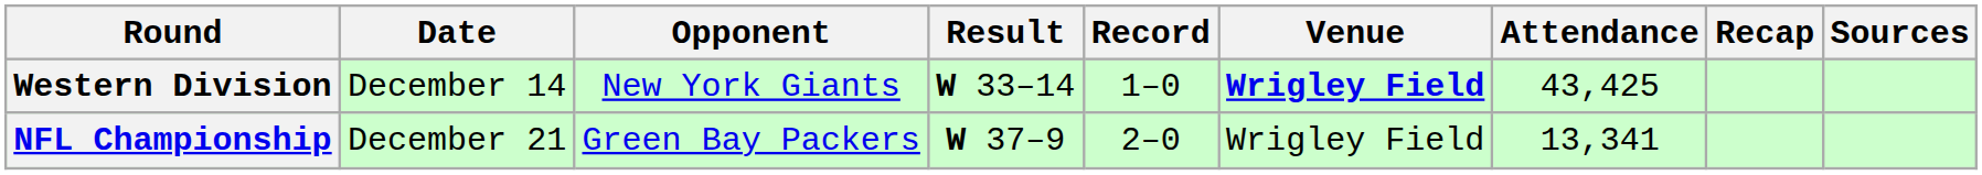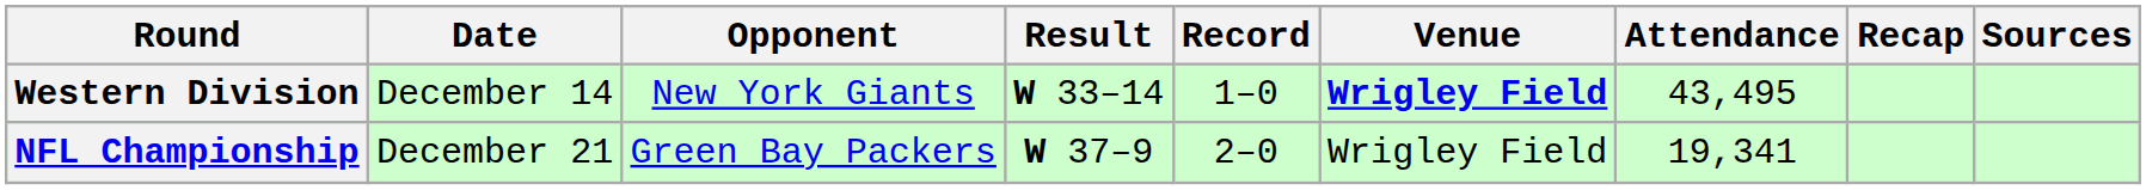 <table class="wikitable" style="text-align:center">
 <tr>
 <th>Round</th>
 <th>Date</th>
 <th>Opponent</th>
 <th>Result</th>
 <th>Record</th>
 <th>Venue</th>
 <th>Attendance</th>
 <th>Recap</th>
 <th>Sources</th>
 </tr>
 <tr style="background:#cfc">
 <th>Western Division</th>
 <td>December 14</td>
 <td><a href='#'>New York Giants</a></td>
 <td><strong>W</strong> 33–14</td>
 <td>1–0</td>
 <td><strong><a href='#'>Wrigley Field</a></strong></td>
-<td>43,425</td>
+<td>43,495</td>
 <td></td>
 <td></td>
 </tr>
 <tr style="background:#cfc">
 <th><a href='#'>NFL Championship</a></th>
 <td>December 21</td>
 <td><a href='#'>Green Bay Packers</a></td>
 <td><strong>W</strong> 37–9</td>
 <td>2–0</td>
 <td>Wrigley Field</td>
-<td>13,341</td>
+<td>19,341</td>
 <td></td>
 <td></td>
 </tr>
 </table>
